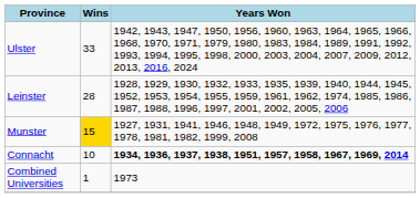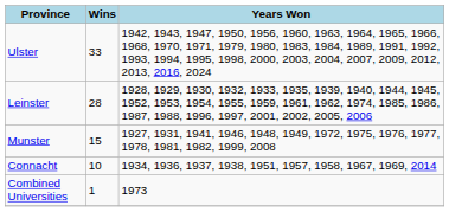 <table class="wikitable">
 <tr>
 <th style="background:lightblue;">Province</th>
 <th style="background:lightblue;">Wins</th>
 <th style="background:lightblue;">Years Won</th>
 </tr>
 <tr>
 <td> <a href='#'>Ulster</a></td>
 <td>33</td>
 <td>1942, 1943, 1947, 1950, 1956, 1960, 1963, 1964, 1965, 1966, 1968, 1970, 1971, 1979, 1980, 1983, 1984, 1989, 1991, 1992, 1993, 1994, 1995, 1998, 2000, 2003, 2004, 2007, 2009, 2012, 2013, <a href='#'>2016</a>, 2024</td>
 </tr>
 <tr>
 <td> <a href='#'>Leinster</a></td>
 <td>28</td>
 <td>1928, 1929, 1930, 1932, 1933, 1935, 1939, 1940, 1944, 1945, 1952, 1953, 1954, 1955, 1959, 1961, 1962, 1974, 1985, 1986, 1987, 1988, 1996, 1997, 2001, 2002, 2005, <a href='#'>2006</a></td>
 </tr>
 <tr>
 <td> <a href='#'>Munster</a></td>
-<td style="background: gold;">15</td>
+<td>15</td>
 <td>1927, 1931, 1941, 1946, 1948, 1949, 1972, 1975, 1976, 1977, 1978, 1981, 1982, 1999, 2008</td>
 </tr>
 <tr>
 <td> <a href='#'>Connacht</a></td>
 <td>10</td>
-<td><strong>1934, 1936, 1937, 1938, 1951, 1957, 1958, 1967, 1969, <a href='#'>2014</a></strong></td>
+<td>1934, 1936, 1937, 1938, 1951, 1957, 1958, 1967, 1969, <a href='#'>2014</a></td>
 </tr>
 <tr>
 <td><a href='#'>Combined Universities</a></td>
 <td>1</td>
 <td>1973</td>
 </tr>
 <tr>
 </tr>
 </table>
